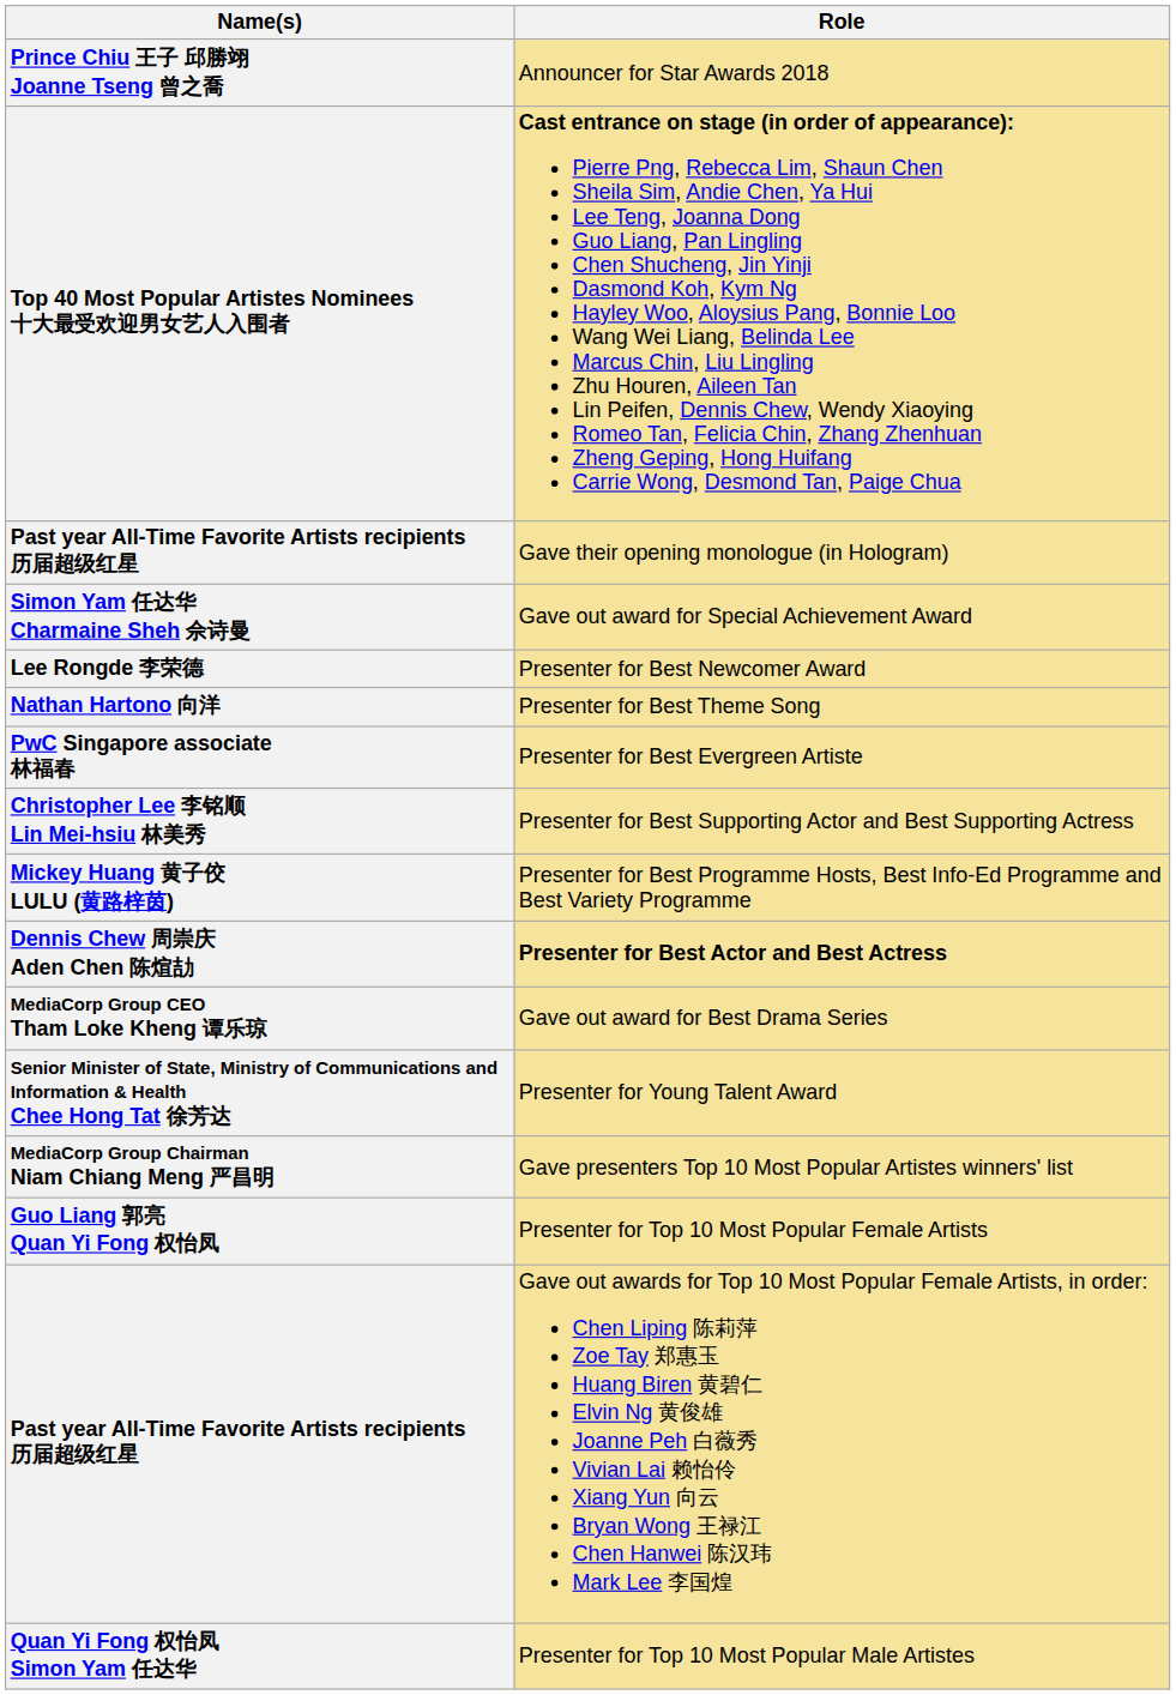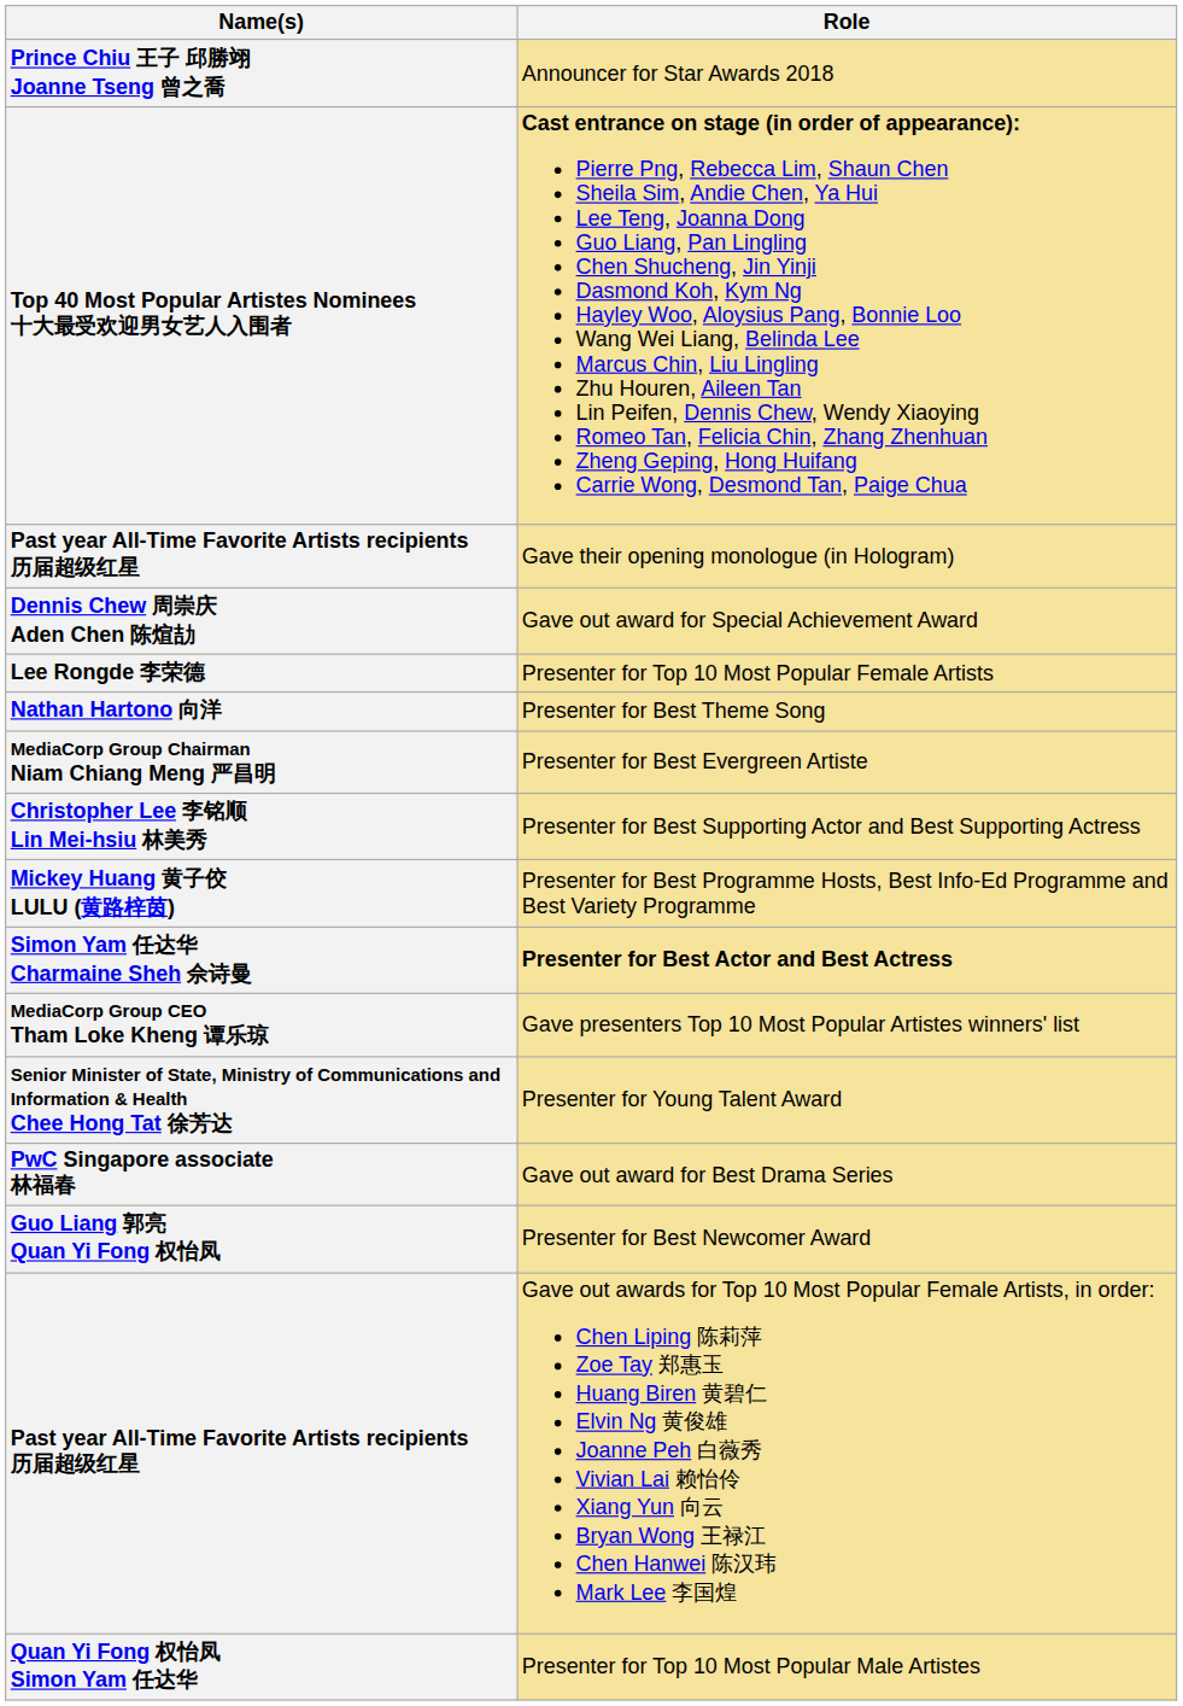 <table class="wikitable plainrowheaders sortable" rowspan=2 style="text-align: left; background: #f6e39c">
 <tr>
 <th scope="col">Name(s)</th>
 <th scope="col" align="center">Role</th>
 </tr>
 <tr>
 <th scope=row rowspan=1 style="text-align:left"><a href='#'>Prince Chiu</a> 王子 邱勝翊<br> <a href='#'>Joanne Tseng</a> 曾之喬</th>
 <td>Announcer for Star Awards 2018</td>
 </tr>
 <tr>
 <th scope=row rowspan=1 style="text-align:left">Top 40 Most Popular Artistes Nominees<br>十大最受欢迎男女艺人入围者</th>
 <td><strong>Cast entrance on stage (in order of appearance):</strong><br><ul><li><a href='#'>Pierre Png</a>, <a href='#'>Rebecca Lim</a>, <a href='#'>Shaun Chen</a></li><li><a href='#'>Sheila Sim</a>, <a href='#'>Andie Chen</a>, <a href='#'>Ya Hui</a></li><li><a href='#'>Lee Teng</a>, <a href='#'>Joanna Dong</a></li><li><a href='#'>Guo Liang</a>, <a href='#'>Pan Lingling</a></li><li><a href='#'>Chen Shucheng</a>, <a href='#'>Jin Yinji</a></li><li><a href='#'>Dasmond Koh</a>, <a href='#'>Kym Ng</a></li><li><a href='#'>Hayley Woo</a>, <a href='#'>Aloysius Pang</a>, <a href='#'>Bonnie Loo</a></li><li>Wang Wei Liang, <a href='#'>Belinda Lee</a></li><li><a href='#'>Marcus Chin</a>, <a href='#'>Liu Lingling</a></li><li>Zhu Houren, <a href='#'>Aileen Tan</a></li><li>Lin Peifen, <a href='#'>Dennis Chew</a>, Wendy Xiaoying</li><li><a href='#'>Romeo Tan</a>, <a href='#'>Felicia Chin</a>, <a href='#'>Zhang Zhenhuan</a></li><li><a href='#'>Zheng Geping</a>, <a href='#'>Hong Huifang</a></li><li><a href='#'>Carrie Wong</a>, <a href='#'>Desmond Tan</a>, <a href='#'>Paige Chua</a></li></ul></td>
 </tr>
 <tr>
 <th scope=row rowspan=1 style="text-align:left">Past year All-Time Favorite Artists recipients<br>历届超级红星</th>
 <td>Gave their opening monologue (in Hologram)</td>
 </tr>
 <tr>
-<th scope=row rowspan=1 style="text-align:left"><a href='#'>Simon Yam</a> 任达华<br><a href='#'>Charmaine Sheh</a> 佘诗曼</th>
+<th scope=row rowspan=1 style="text-align:left"><a href='#'>Dennis Chew</a> 周崇庆<br>Aden Chen 陈煊劼</th>
 <td>Gave out award for Special Achievement Award</td>
 </tr>
 <tr>
 <th scope=row rowspan=1 style="text-align:left">Lee Rongde 李荣德</th>
-<td>Presenter for Best Newcomer Award</td>
+<td>Presenter for Top 10 Most Popular Female Artists</td>
 </tr>
 <tr>
 <th scope=row rowspan=1 style="text-align:left"><a href='#'>Nathan Hartono</a> 向洋</th>
 <td>Presenter for Best Theme Song</td>
 </tr>
 <tr>
-<th scope=row rowspan=1 style="text-align:left"><a href='#'>PwC</a> Singapore associate<br>林福春</th>
+<th scope=row rowspan=1 style="text-align:left"><small>MediaCorp Group Chairman</small><br>Niam Chiang Meng 严昌明</th>
 <td>Presenter for Best Evergreen Artiste</td>
 </tr>
 <tr>
 <th scope=row rowspan=1 style="text-align:left"><a href='#'>Christopher Lee</a> 李铭顺<br> <a href='#'>Lin Mei-hsiu</a> 林美秀</th>
 <td>Presenter for Best Supporting Actor and Best Supporting Actress</td>
 </tr>
 <tr>
 <th scope=row rowspan=1 style="text-align:left"><a href='#'>Mickey Huang</a> 黄子佼<br>LULU (<a href='#'>黄路梓茵</a>)</th>
 <td>Presenter for Best Programme Hosts, Best Info-Ed Programme and Best Variety Programme</td>
 </tr>
 <tr>
-<th scope=row rowspan=1 style="text-align:left"><a href='#'>Dennis Chew</a> 周崇庆<br>Aden Chen 陈煊劼</th>
+<th scope=row rowspan=1 style="text-align:left"><a href='#'>Simon Yam</a> 任达华<br><a href='#'>Charmaine Sheh</a> 佘诗曼</th>
 <td><strong>Presenter for Best Actor and Best Actress</strong></td>
 </tr>
 <tr>
 <th scope=row rowspan=1 style="text-align:left"><small>MediaCorp Group CEO</small><br>Tham Loke Kheng 谭乐琼</th>
-<td>Gave out award for Best Drama Series</td>
+<td>Gave presenters Top 10 Most Popular Artistes winners' list</td>
 </tr>
 <tr>
 <th scope=row rowspan=1 style="text-align:left"><small>Senior Minister of State, Ministry of Communications and Information & Health</small><br><a href='#'>Chee Hong Tat</a> 徐芳达</th>
 <td>Presenter for Young Talent Award</td>
 </tr>
 <tr>
-<th scope=row rowspan=1 style="text-align:left"><small>MediaCorp Group Chairman</small><br>Niam Chiang Meng 严昌明</th>
-<td>Gave presenters Top 10 Most Popular Artistes winners' list</td>
+<th scope=row rowspan=1 style="text-align:left"><a href='#'>PwC</a> Singapore associate<br>林福春</th>
+<td>Gave out award for Best Drama Series</td>
 </tr>
 <tr>
 <th scope=row rowspan=1 style="text-align:left"><a href='#'>Guo Liang</a> 郭亮<br><a href='#'>Quan Yi Fong</a> 权怡凤</th>
-<td>Presenter for Top 10 Most Popular Female Artists</td>
+<td>Presenter for Best Newcomer Award</td>
 </tr>
 <tr>
 <th scope=row rowspan=1 style="text-align:left">Past year All-Time Favorite Artists recipients<br>历届超级红星<br></th>
 <td>Gave out awards for Top 10 Most Popular Female Artists, in order:<br><ul><li><a href='#'>Chen Liping</a> 陈莉萍</li><li><a href='#'>Zoe Tay</a> 郑惠玉</li><li><a href='#'>Huang Biren</a> 黄碧仁</li><li><a href='#'>Elvin Ng</a> 黄俊雄</li><li><a href='#'>Joanne Peh</a> 白薇秀</li><li><a href='#'>Vivian Lai</a> 赖怡伶</li><li><a href='#'>Xiang Yun</a> 向云</li><li><a href='#'>Bryan Wong</a> 王禄江</li><li><a href='#'>Chen Hanwei</a> 陈汉玮</li><li><a href='#'>Mark Lee</a> 李国煌</li></ul></td>
 </tr>
 <tr>
 <th scope=row rowspan=1 style="text-align:left"><a href='#'>Quan Yi Fong</a> 权怡凤<br><a href='#'>Simon Yam</a> 任达华</th>
 <td>Presenter for Top 10 Most Popular Male Artistes</td>
 </tr>
 </table>
